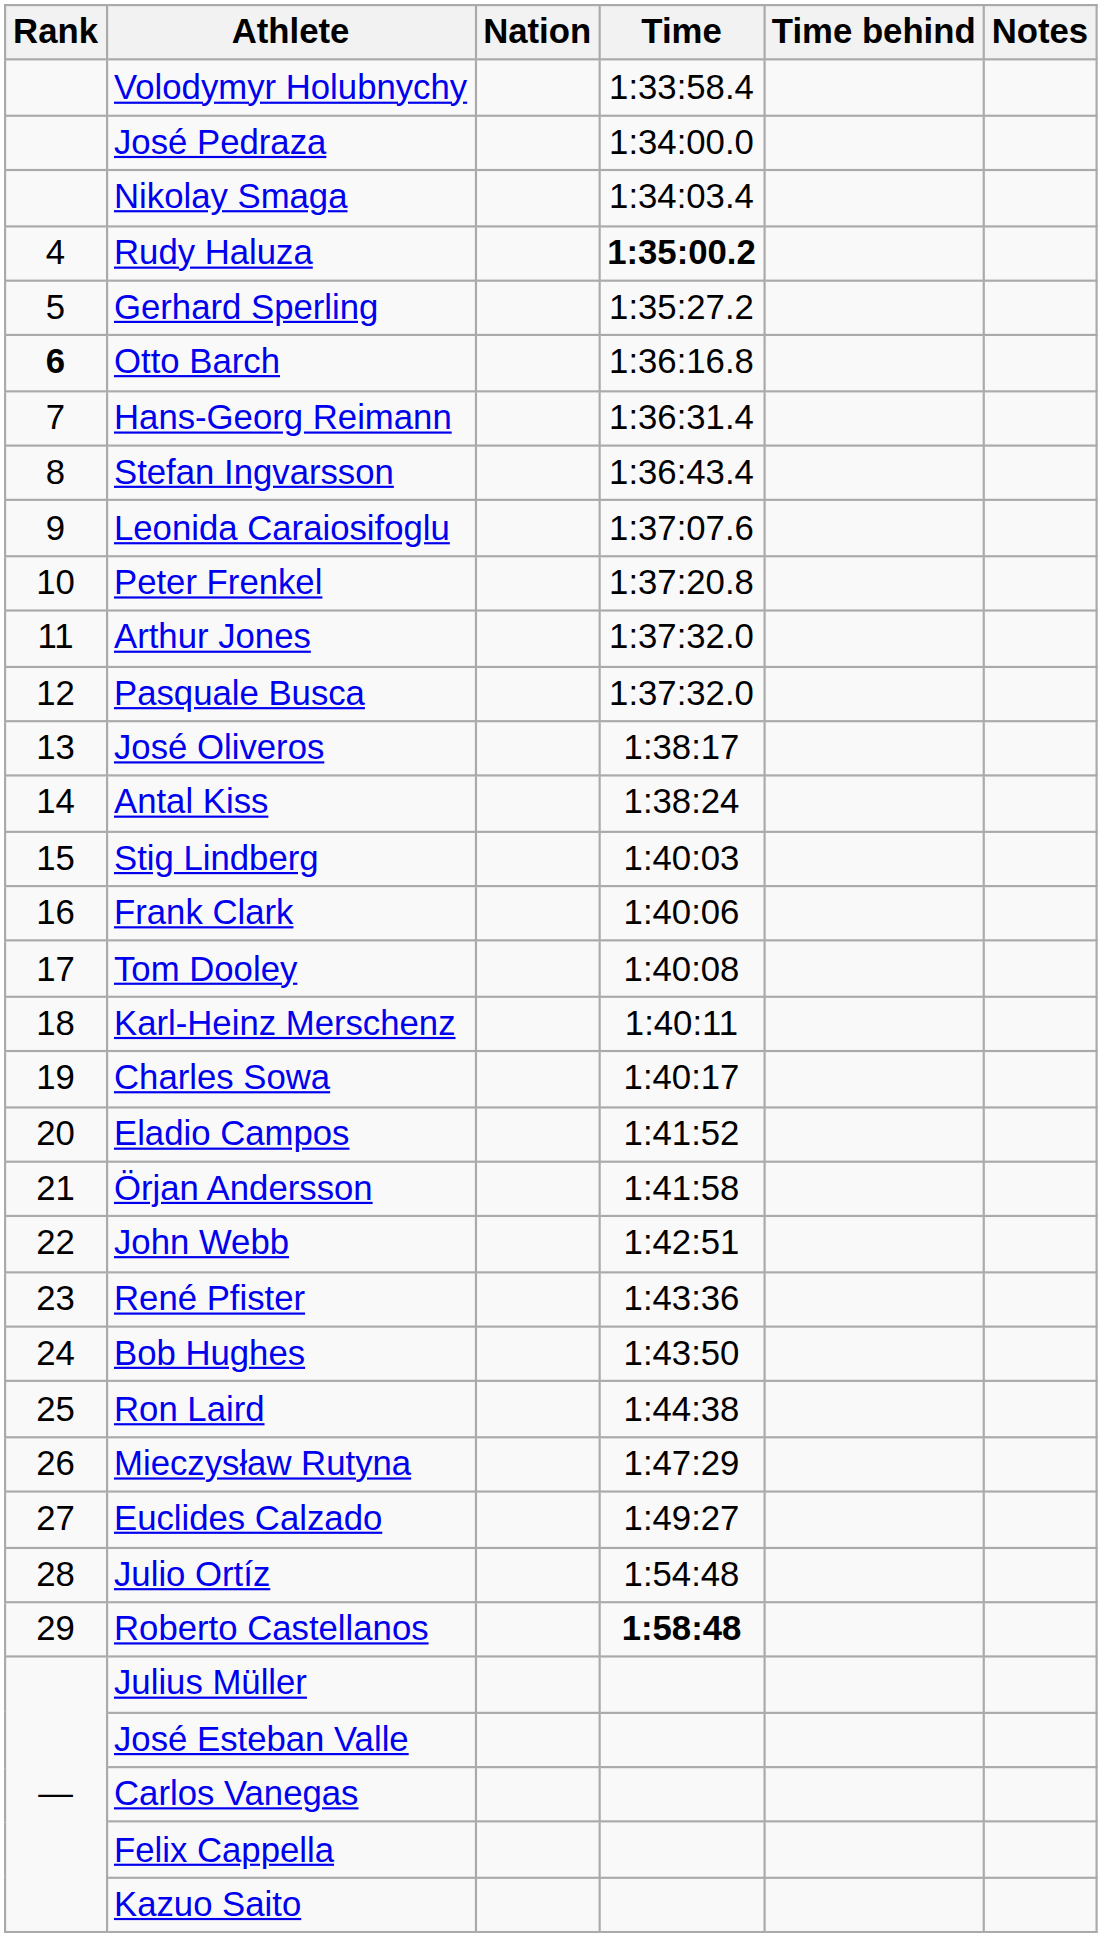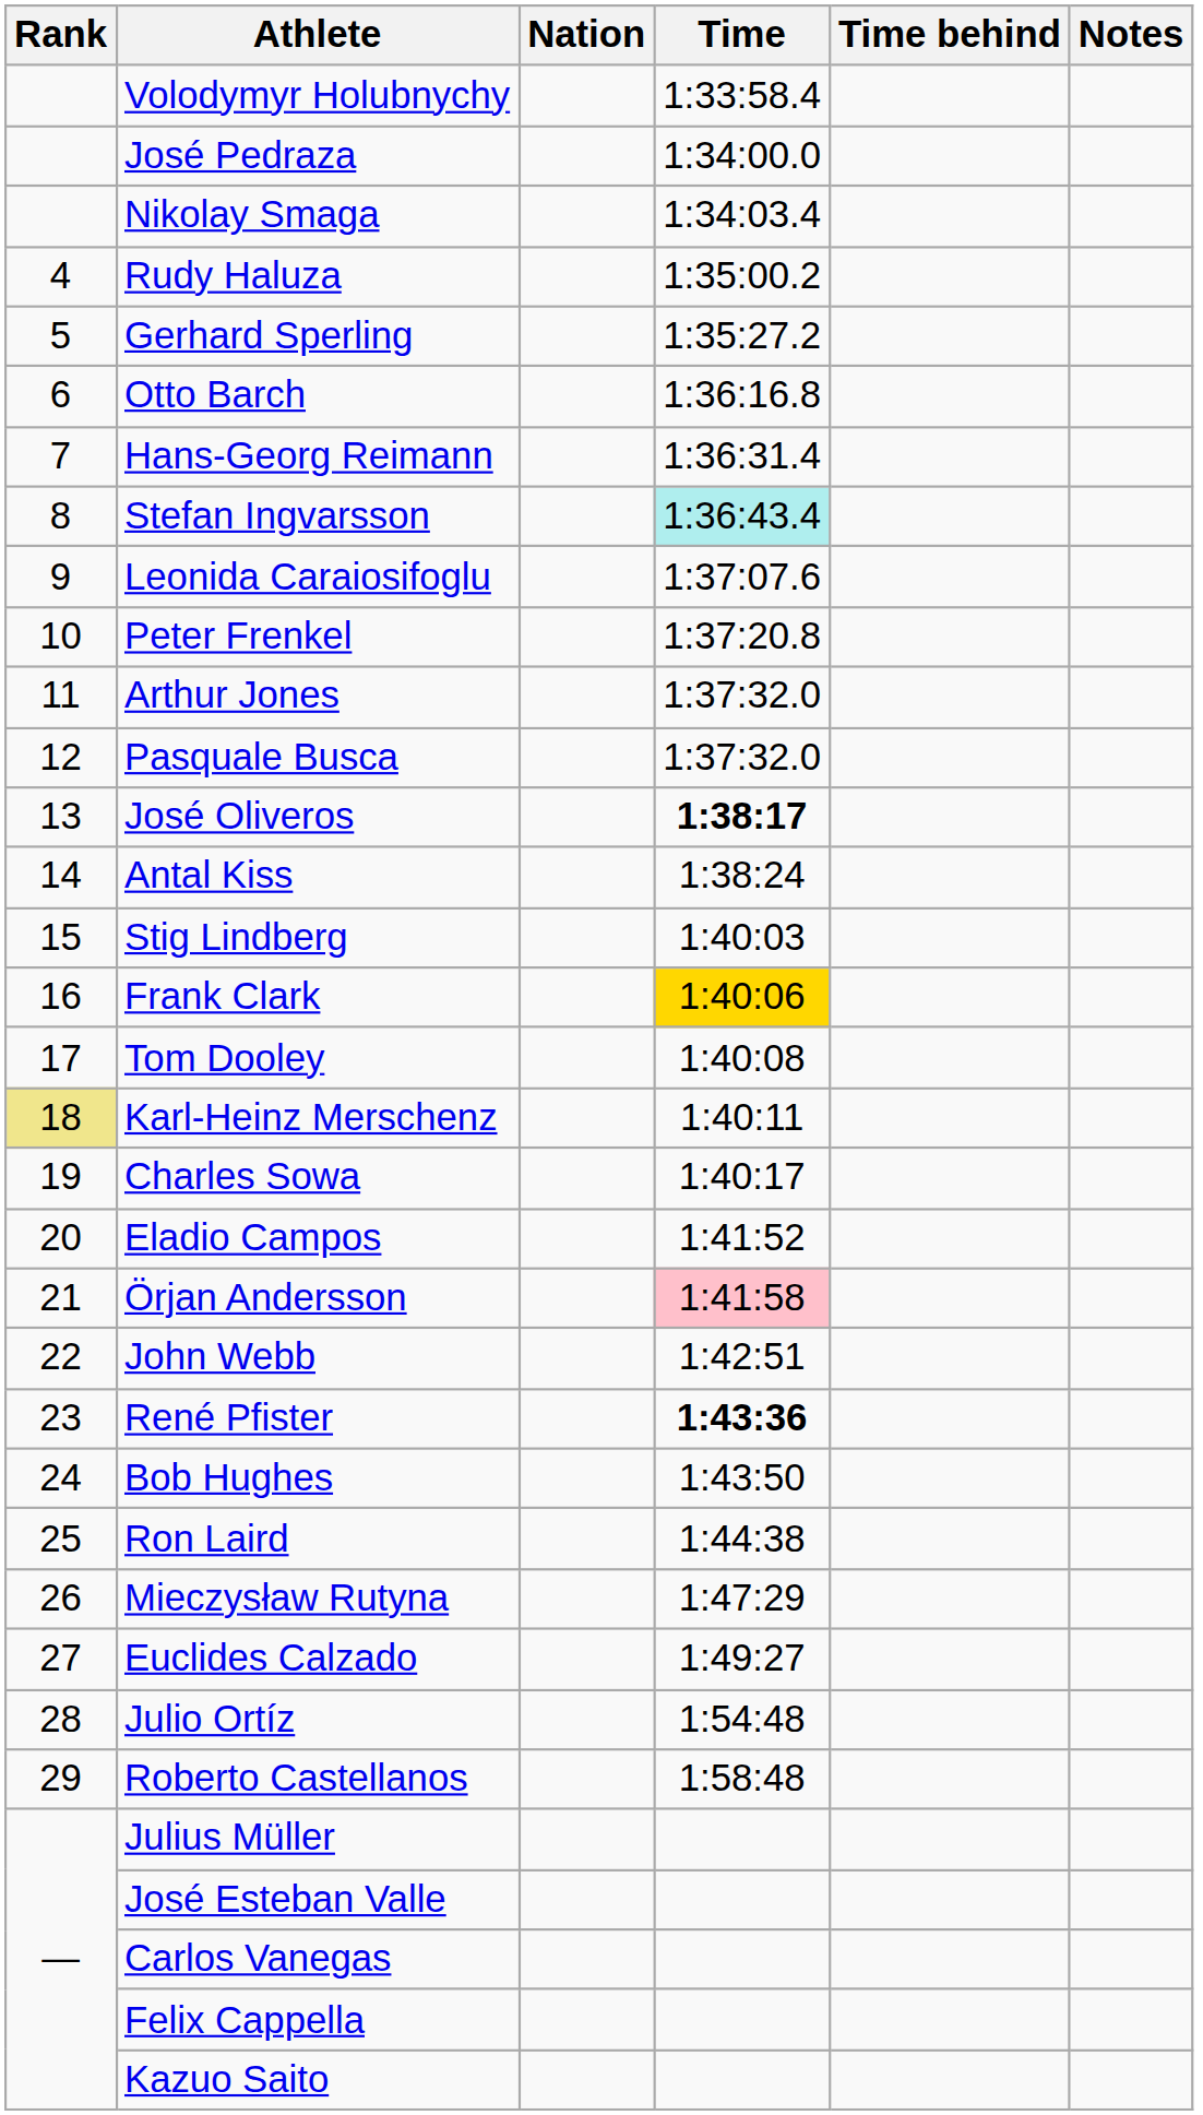 <table class="wikitable sortable" style="text-align:center">
 <tr>
 <th>Rank</th>
 <th>Athlete</th>
 <th>Nation</th>
 <th>Time</th>
 <th>Time behind</th>
 <th>Notes</th>
 </tr>
 <tr>
 <td></td>
 <td align=left><a href='#'>Volodymyr Holubnychy</a></td>
 <td align=left></td>
 <td>1:33:58.4</td>
 <td></td>
 <td></td>
 </tr>
 <tr>
 <td></td>
 <td align=left><a href='#'>José Pedraza</a></td>
 <td align=left></td>
 <td>1:34:00.0</td>
 <td></td>
 <td></td>
 </tr>
 <tr>
 <td></td>
 <td align=left><a href='#'>Nikolay Smaga</a></td>
 <td align=left></td>
 <td>1:34:03.4</td>
 <td></td>
 <td></td>
 </tr>
 <tr>
 <td>4</td>
 <td align=left><a href='#'>Rudy Haluza</a></td>
 <td align=left></td>
-<td><strong>1:35:00.2</strong></td>
+<td>1:35:00.2</td>
 <td></td>
 <td></td>
 </tr>
 <tr>
 <td>5</td>
 <td align=left><a href='#'>Gerhard Sperling</a></td>
 <td align=left></td>
 <td>1:35:27.2</td>
 <td></td>
 </tr>
 <tr>
-<td><strong>6</strong></td>
+<td>6</td>
 <td align=left><a href='#'>Otto Barch</a></td>
 <td align=left></td>
 <td>1:36:16.8</td>
 <td></td>
 <td></td>
 </tr>
 <tr>
 <td>7</td>
 <td align=left><a href='#'>Hans-Georg Reimann</a></td>
 <td align=left></td>
 <td>1:36:31.4</td>
 <td></td>
 <td></td>
 </tr>
 <tr>
 <td>8</td>
 <td align=left><a href='#'>Stefan Ingvarsson</a></td>
 <td align=left></td>
-<td>1:36:43.4</td>
+<td style="background: paleturquoise;">1:36:43.4</td>
 <td></td>
 <td></td>
 </tr>
 <tr>
 <td>9</td>
 <td align=left><a href='#'>Leonida Caraiosifoglu</a></td>
 <td align=left></td>
 <td>1:37:07.6</td>
 <td></td>
 <td></td>
 </tr>
 <tr>
 <td>10</td>
 <td align=left><a href='#'>Peter Frenkel</a></td>
 <td align=left></td>
 <td>1:37:20.8</td>
 <td></td>
 <td></td>
 </tr>
 <tr>
 <td>11</td>
 <td align=left><a href='#'>Arthur Jones</a></td>
 <td align=left></td>
 <td>1:37:32.0</td>
 <td></td>
 <td></td>
 </tr>
 <tr>
 <td>12</td>
 <td align=left><a href='#'>Pasquale Busca</a></td>
 <td align=left></td>
 <td>1:37:32.0</td>
 <td></td>
 <td></td>
 </tr>
 <tr>
 <td>13</td>
 <td align=left><a href='#'>José Oliveros</a></td>
 <td align=left></td>
-<td>1:38:17</td>
+<td><strong>1:38:17</strong></td>
 <td></td>
 <td></td>
 </tr>
 <tr>
 <td>14</td>
 <td align=left><a href='#'>Antal Kiss</a></td>
 <td align=left></td>
 <td>1:38:24</td>
 <td></td>
 <td></td>
 </tr>
 <tr>
 <td>15</td>
 <td align=left><a href='#'>Stig Lindberg</a></td>
 <td align=left></td>
 <td>1:40:03</td>
 <td></td>
 <td></td>
 </tr>
 <tr>
 <td>16</td>
 <td align=left><a href='#'>Frank Clark</a></td>
 <td align=left></td>
-<td>1:40:06</td>
+<td style="background: gold;">1:40:06</td>
 <td></td>
 <td></td>
 </tr>
 <tr>
 <td>17</td>
 <td align=left><a href='#'>Tom Dooley</a></td>
 <td align=left></td>
 <td>1:40:08</td>
 <td></td>
 </tr>
 <tr>
-<td>18</td>
+<td style="background: khaki;">18</td>
 <td align=left><a href='#'>Karl-Heinz Merschenz</a></td>
 <td align=left></td>
 <td>1:40:11</td>
 <td></td>
 <td></td>
 </tr>
 <tr>
 <td>19</td>
 <td align=left><a href='#'>Charles Sowa</a></td>
 <td align=left></td>
 <td>1:40:17</td>
 <td></td>
 <td></td>
 </tr>
 <tr>
 <td>20</td>
 <td align=left><a href='#'>Eladio Campos</a></td>
 <td align=left></td>
 <td>1:41:52</td>
 <td></td>
 <td></td>
 </tr>
 <tr>
 <td>21</td>
 <td align=left><a href='#'>Örjan Andersson</a></td>
 <td align=left></td>
-<td>1:41:58</td>
+<td style="background: pink;">1:41:58</td>
 <td></td>
 <td></td>
 </tr>
 <tr>
 <td>22</td>
 <td align=left><a href='#'>John Webb</a></td>
 <td align=left></td>
 <td>1:42:51</td>
 <td></td>
 <td></td>
 </tr>
 <tr>
 <td>23</td>
 <td align=left><a href='#'>René Pfister</a></td>
 <td align=left></td>
-<td>1:43:36</td>
+<td><strong>1:43:36</strong></td>
 <td></td>
 <td></td>
 </tr>
 <tr>
 <td>24</td>
 <td align=left><a href='#'>Bob Hughes</a></td>
 <td align=left></td>
 <td>1:43:50</td>
 <td></td>
 <td></td>
 </tr>
 <tr>
 <td>25</td>
 <td align=left><a href='#'>Ron Laird</a></td>
 <td align=left></td>
 <td>1:44:38</td>
 <td></td>
 <td></td>
 </tr>
 <tr>
 <td>26</td>
 <td align=left><a href='#'>Mieczysław Rutyna</a></td>
 <td align=left></td>
 <td>1:47:29</td>
 <td></td>
 <td></td>
 </tr>
 <tr>
 <td>27</td>
 <td align=left><a href='#'>Euclides Calzado</a></td>
 <td align=left></td>
 <td>1:49:27</td>
 <td></td>
 <td></td>
 </tr>
 <tr>
 <td>28</td>
 <td align=left><a href='#'>Julio Ortíz</a></td>
 <td align=left></td>
 <td>1:54:48</td>
 <td></td>
 <td></td>
 </tr>
 <tr>
 <td>29</td>
 <td align=left><a href='#'>Roberto Castellanos</a></td>
 <td align=left></td>
-<td><strong>1:58:48</strong></td>
+<td>1:58:48</td>
 <td></td>
 <td></td>
 </tr>
 <tr>
 <td rowspan="5">—</td>
 <td align=left><a href='#'>Julius Müller</a></td>
 <td align=left></td>
 <td></td>
 <td></td>
 <td></td>
 </tr>
 <tr>
 <td align="left"><a href='#'>José Esteban Valle</a></td>
 <td align=left></td>
 <td></td>
 <td></td>
 <td></td>
 </tr>
 <tr>
 <td align="left"><a href='#'>Carlos Vanegas</a></td>
 <td align=left></td>
 <td></td>
 <td></td>
 <td></td>
 </tr>
 <tr>
 <td align="left"><a href='#'>Felix Cappella</a></td>
 <td align=left></td>
 <td></td>
 <td></td>
 <td></td>
 </tr>
 <tr>
 <td align="left"><a href='#'>Kazuo Saito</a></td>
 <td align=left></td>
 <td></td>
 <td></td>
 <td></td>
 </tr>
 </table>
